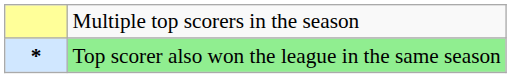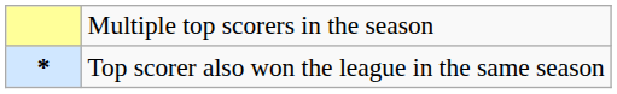 <table class="wikitable">
 <tr>
 <th scope=row width=40px style="background-color: #FFFF99"></th>
 <td>Multiple top scorers in the season</td>
 </tr>
 <tr>
 <th scope=row width=40px style="background-color: #D0E7FF">*</th>
-<td style="background: lightgreen;">Top scorer also won the league in the same season</td>
+<td>Top scorer also won the league in the same season</td>
 </tr>
 </table>
